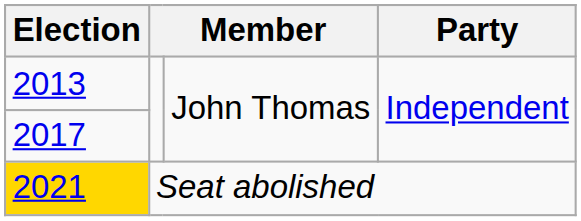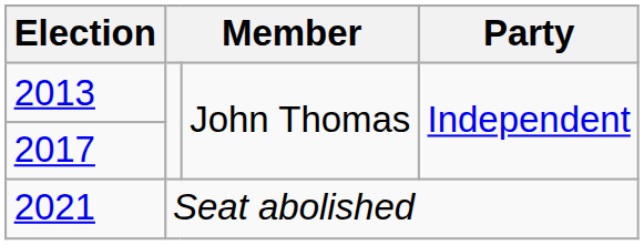 <table class="wikitable">
 <tr>
 <th>Election</th>
 <th colspan="2">Member</th>
 <th>Party</th>
 </tr>
 <tr>
 <td><a href='#'>2013</a></td>
 <td rowspan="2" style="background-color: "></td>
 <td rowspan="2">John Thomas</td>
 <td rowspan="2"><a href='#'>Independent</a></td>
 </tr>
 <tr>
 <td><a href='#'>2017</a></td>
 </tr>
 <tr>
-<td style="background: gold;"><a href='#'>2021</a></td>
+<td><a href='#'>2021</a></td>
 <td colspan="3"><em>Seat abolished</em></td>
 </tr>
 </table>
